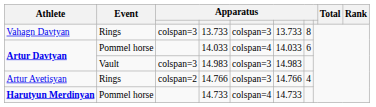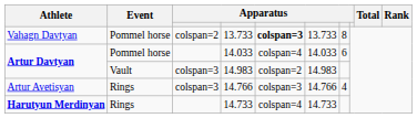 <table class="wikitable" style="font-size:90%">
 <tr>
 <th rowspan=2>Athlete</th>
 <th rowspan=2>Event</th>
 <th colspan=6>Apparatus</th>
 <th rowspan=2>Total</th>
 <th rowspan=2>Rank</th>
 </tr>
 <tr style="font-size:95%">
 <th></th>
 <th></th>
 <th></th>
 <th></th>
 <th></th>
 <th></th>
 </tr>
 <tr align=center>
 <td align=left><a href='#'>Vahagn Davtyan</a></td>
-<td align=left>Rings</td>
-<td>colspan=3</td>
+<td align=left>Pommel horse</td>
+<td>colspan=2</td>
 <td>13.733</td>
-<td>colspan=3</td>
+<td><strong>colspan=3</strong></td>
 <td>13.733</td>
 <td>8</td>
 </tr>
 <tr align=center>
 <td align=left rowspan=2><strong><a href='#'>Artur Davtyan</a></strong></td>
 <td align=left>Pommel horse</td>
 <td></td>
 <td>14.033</td>
 <td>colspan=4</td>
 <td>14.033</td>
 <td>6</td>
 </tr>
 <tr align=center>
 <td align=left>Vault</td>
 <td>colspan=3</td>
 <td>14.983</td>
-<td>colspan=3</td>
+<td>colspan=2</td>
 <td>14.983</td>
 <td></td>
 </tr>
 <tr align=center>
 <td align=left><a href='#'>Artur Avetisyan</a></td>
 <td align=left>Rings</td>
-<td>colspan=2</td>
+<td>colspan=3</td>
 <td>14.766</td>
 <td>colspan=3</td>
 <td>14.766</td>
 <td>4</td>
 </tr>
 <tr align=center>
 <td align=left><strong><a href='#'>Harutyun Merdinyan</a></strong></td>
-<td align=left>Pommel horse</td>
+<td align=left>Rings</td>
 <td></td>
 <td>14.733</td>
 <td>colspan=4</td>
 <td>14.733</td>
 <td></td>
 </tr>
 </table>
